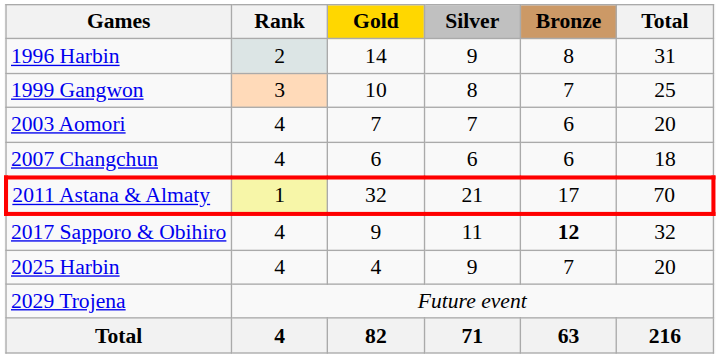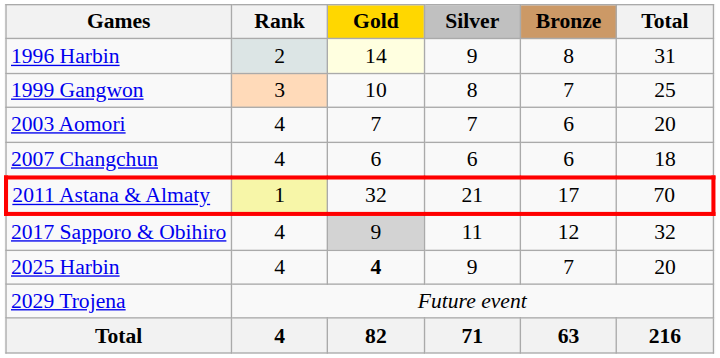 <table class="wikitable sortable" style="margin-top:0em; text-align:center; font-size:100%;">
 <tr>
 <th>Games</th>
 <th style="width:4em;">Rank</th>
 <td style="background:gold; width:4em;"><strong>Gold</strong></td>
 <td style="background:silver; width:4em;"><strong>Silver</strong></td>
 <td style="background:#cc9966; width:4em;"><strong>Bronze</strong></td>
 <th style="width:4em;">Total</th>
 </tr>
 <tr>
 <td align=left> <a href='#'>1996 Harbin</a></td>
 <td bgcolor=dce5e5>2</td>
-<td>14</td>
+<td style="background: lightyellow;">14</td>
 <td>9</td>
 <td>8</td>
 <td>31</td>
 </tr>
 <tr>
 <td align=left> <a href='#'>1999 Gangwon</a></td>
 <td bgcolor=ffdab9>3</td>
 <td>10</td>
 <td>8</td>
 <td>7</td>
 <td>25</td>
 </tr>
 <tr>
 <td align=left> <a href='#'>2003 Aomori</a></td>
 <td>4</td>
 <td>7</td>
 <td>7</td>
 <td>6</td>
 <td>20</td>
 </tr>
 <tr>
 <td align=left> <a href='#'>2007 Changchun</a></td>
 <td>4</td>
 <td>6</td>
 <td>6</td>
 <td>6</td>
 <td>18</td>
 </tr>
 <tr style="border: 3px solid red">
 <td align=left> <a href='#'>2011 Astana & Almaty</a></td>
 <td bgcolor=f7f6a8>1</td>
 <td>32</td>
 <td>21</td>
 <td>17</td>
 <td>70</td>
 </tr>
 <tr>
 <td align=left> <a href='#'>2017 Sapporo & Obihiro</a></td>
 <td>4</td>
-<td>9</td>
+<td style="background: lightgrey;">9</td>
 <td>11</td>
-<td><strong>12</strong></td>
+<td>12</td>
 <td>32</td>
 </tr>
 <tr>
 <td align=left> <a href='#'>2025 Harbin</a></td>
 <td>4</td>
-<td>4</td>
+<td><strong>4</strong></td>
 <td>9</td>
 <td>7</td>
 <td>20</td>
 </tr>
 <tr>
 <td align=left> <a href='#'>2029 Trojena</a></td>
 <td colspan=5><em>Future event</em></td>
 </tr>
 <tr>
 <th>Total</th>
 <th>4</th>
 <th>82</th>
 <th>71</th>
 <th>63</th>
 <th>216</th>
 </tr>
 </table>
